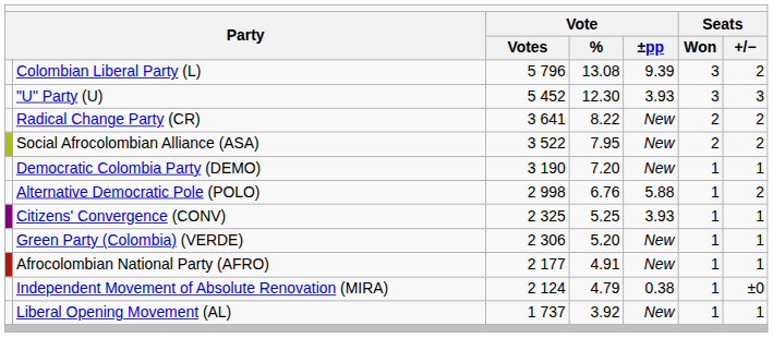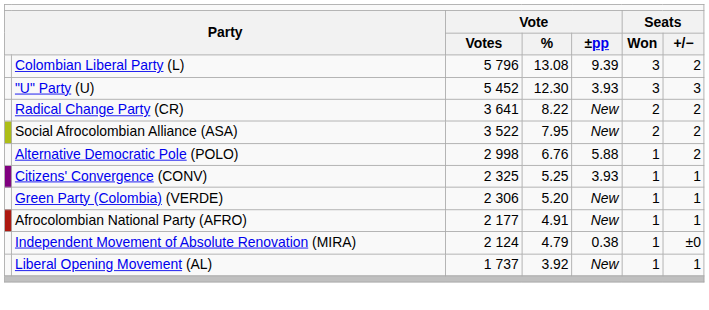 <table class="wikitable" style="text-align:right; font-size:100%; margin-bottom:0">
 <tr>
 <td colspan="7"></td>
 </tr>
 <tr>
 <th align="left" rowspan="2" colspan="2" width="500">Party</th>
 <th colspan="3">Vote</th>
 <th colspan="2">Seats</th>
 </tr>
 <tr>
 <th width="80">Votes</th>
 <th width="50">%</th>
 <th width="50">±<a href='#'>pp</a></th>
 <th width="40">Won</th>
 <th width="40">+/−</th>
 </tr>
 <tr>
 <td style="color:inherit;background:"></td>
 <td align="left"><a href='#'>Colombian Liberal Party</a> (L)</td>
 <td>5 796</td>
 <td>13.08</td>
 <td>9.39</td>
 <td>3</td>
 <td>2</td>
 </tr>
 <tr>
 <td width="1" style="color:inherit;background:"></td>
 <td align="left"><a href='#'>"U" Party</a> (U)</td>
 <td>5 452</td>
 <td>12.30</td>
 <td>3.93</td>
 <td>3</td>
 <td>3</td>
 </tr>
 <tr>
 <td style="color:inherit;background:"></td>
 <td align="left"><a href='#'>Radical Change Party</a> (CR)</td>
 <td>3 641</td>
 <td>8.22</td>
 <td><em>New</em></td>
 <td>2</td>
 <td>2</td>
 </tr>
 <tr>
 <td style="color:inherit;background:#ADBE18"></td>
 <td align="left">Social Afrocolombian Alliance (ASA)</td>
 <td>3 522</td>
 <td>7.95</td>
 <td><em>New</em></td>
 <td>2</td>
 <td>2</td>
-</tr>
-<tr>
-<td style="color:inherit;background:"></td>
-<td align="left"><a href='#'>Democratic Colombia Party</a> (DEMO)</td>
-<td>3 190</td>
-<td>7.20</td>
-<td><em>New</em></td>
-<td>1</td>
-<td>1</td>
 </tr>
 <tr>
 <td style="color:inherit;background:"></td>
 <td align="left"><a href='#'>Alternative Democratic Pole</a> (POLO)</td>
 <td>2 998</td>
 <td>6.76</td>
 <td>5.88</td>
 <td>1</td>
 <td>2</td>
 </tr>
 <tr>
 <td bgcolor="purple"></td>
 <td align="left"><a href='#'>Citizens' Convergence</a> (CONV)</td>
 <td>2 325</td>
 <td>5.25</td>
 <td>3.93</td>
 <td>1</td>
 <td>1</td>
 </tr>
 <tr>
 <td style="color:inherit;background:"></td>
 <td align="left"><a href='#'>Green Party (Colombia)</a> (VERDE)</td>
 <td>2 306</td>
 <td>5.20</td>
 <td><em>New</em></td>
 <td>1</td>
 <td>1</td>
 </tr>
 <tr>
 <td style="color:inherit;background:#AD1810"></td>
 <td align="left">Afrocolombian National Party (AFRO)</td>
 <td>2 177</td>
 <td>4.91</td>
 <td><em>New</em></td>
 <td>1</td>
 <td>1</td>
 </tr>
 <tr>
 <td style="color:inherit;background:"></td>
 <td align="left"><a href='#'>Independent Movement of Absolute Renovation</a> (MIRA)</td>
 <td>2 124</td>
 <td>4.79</td>
 <td>0.38</td>
 <td>1</td>
 <td>±0</td>
 </tr>
 <tr>
 <td style="color:inherit;background:"></td>
 <td align="left"><a href='#'>Liberal Opening Movement</a> (AL)</td>
 <td>1 737</td>
 <td>3.92</td>
 <td><em>New</em></td>
 <td>1</td>
 <td>1</td>
 </tr>
 <tr>
 <td colspan="7" bgcolor="#C0C0C0"></td>
 </tr>
 </table>
